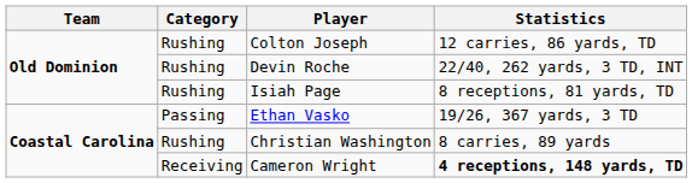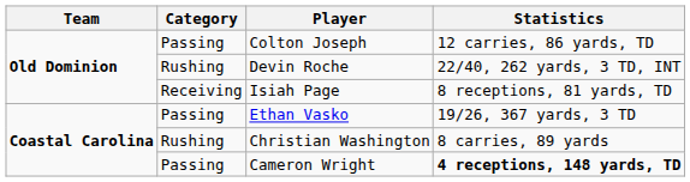 <table class="wikitable" style="float: right;">
 <tr>
 <th>Team</th>
 <th>Category</th>
 <th>Player</th>
 <th>Statistics</th>
 </tr>
 <tr>
 <td rowspan=3><strong>Old Dominion</strong></td>
-<td>Rushing</td>
+<td>Passing</td>
 <td>Colton Joseph</td>
 <td>12 carries, 86 yards, TD</td>
 </tr>
 <tr>
 <td>Rushing</td>
 <td>Devin Roche</td>
 <td>22/40, 262 yards, 3 TD, INT</td>
 </tr>
 <tr>
-<td>Rushing</td>
+<td>Receiving</td>
 <td>Isiah Page</td>
 <td>8 receptions, 81 yards, TD</td>
 </tr>
 <tr>
 <td rowspan=3><strong>Coastal Carolina</strong></td>
 <td>Passing</td>
 <td><a href='#'>Ethan Vasko</a></td>
 <td>19/26, 367 yards, 3 TD</td>
 </tr>
 <tr>
 <td>Rushing</td>
 <td>Christian Washington</td>
 <td>8 carries, 89 yards</td>
 </tr>
 <tr>
-<td>Receiving</td>
+<td>Passing</td>
 <td>Cameron Wright</td>
 <td><strong>4 receptions, 148 yards, TD</strong></td>
 </tr>
 </table>
